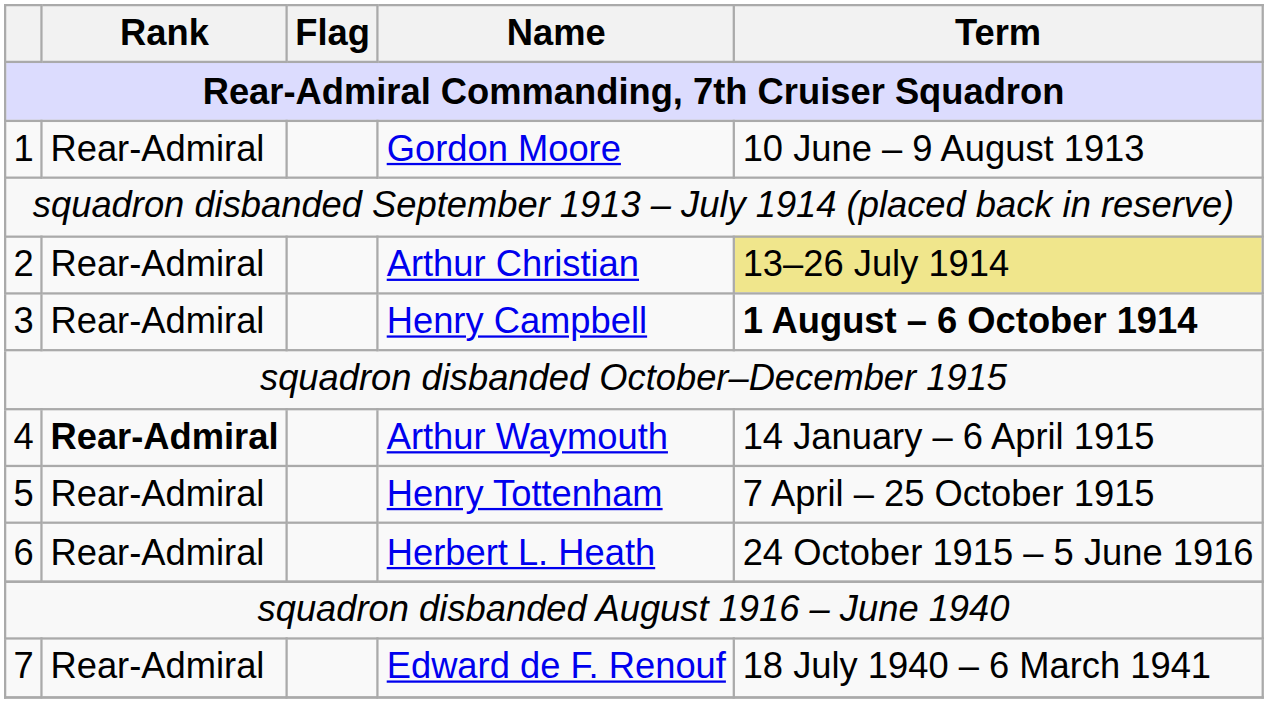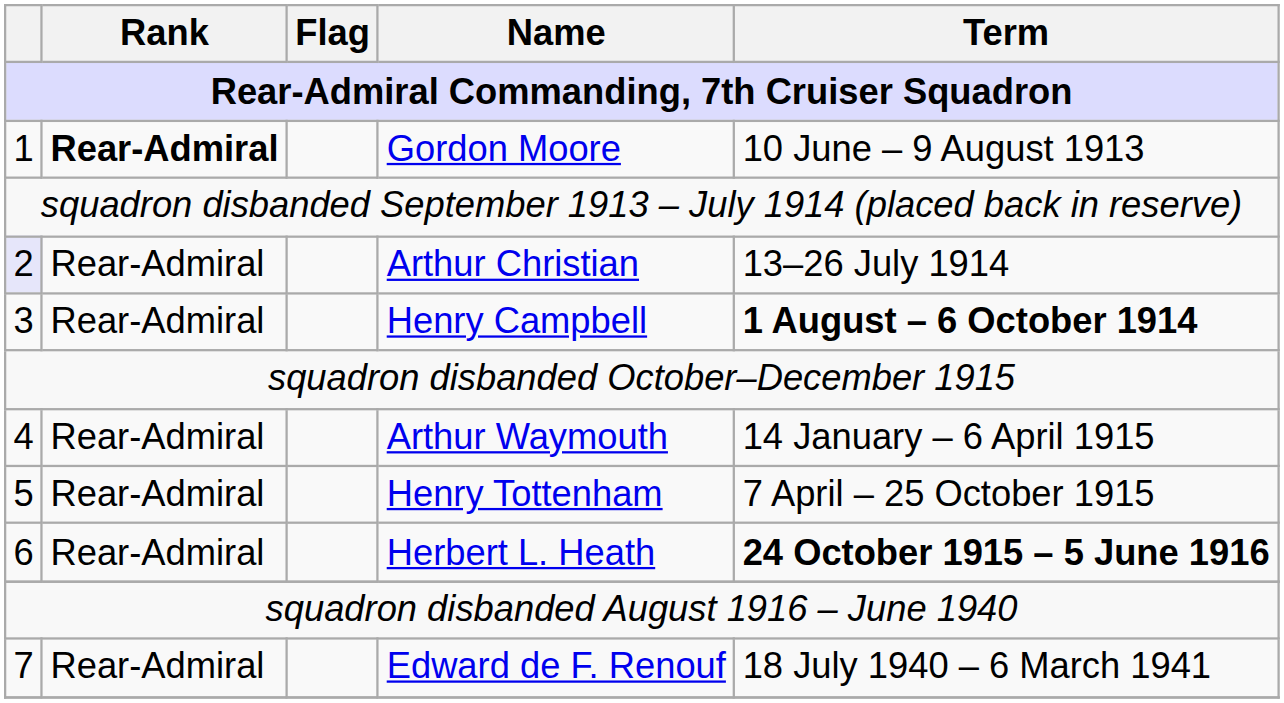 <table class="wikitable">
 <tr>
 <th></th>
 <th>Rank</th>
 <th>Flag</th>
 <th>Name</th>
 <th>Term</th>
 </tr>
 <tr>
 <td colspan="5" align="center" style="background:#dcdcfe;"><strong>Rear-Admiral Commanding, 7th Cruiser Squadron</strong></td>
 </tr>
 <tr>
 <td>1</td>
-<td>Rear-Admiral</td>
+<td><strong>Rear-Admiral</strong></td>
 <td></td>
 <td><a href='#'>Gordon Moore</a></td>
 <td>10 June – 9 August 1913</td>
 </tr>
 <tr style=background-color:#F8F8F8>
 <td colspan=6 align=center><em>squadron disbanded September 1913 – July 1914 (placed back in reserve)</em></td>
 </tr>
 <tr>
-<td>2</td>
+<td style="background: lavender;">2</td>
 <td>Rear-Admiral</td>
 <td></td>
 <td><a href='#'>Arthur Christian</a></td>
-<td style="background: khaki;">13–26 July 1914</td>
+<td>13–26 July 1914</td>
 </tr>
 <tr>
 <td>3</td>
 <td>Rear-Admiral</td>
 <td></td>
 <td><a href='#'>Henry Campbell</a></td>
 <td><strong>1 August – 6 October 1914</strong></td>
 </tr>
 <tr style=background-color:#F8F8F8>
 <td colspan=6 align=center><em>squadron disbanded October–December 1915</em></td>
 </tr>
 <tr>
 <td>4</td>
-<td><strong>Rear-Admiral</strong></td>
+<td>Rear-Admiral</td>
 <td></td>
 <td><a href='#'>Arthur Waymouth</a></td>
 <td>14 January – 6 April 1915</td>
 </tr>
 <tr>
 <td>5</td>
 <td>Rear-Admiral</td>
 <td></td>
 <td><a href='#'>Henry Tottenham</a></td>
 <td>7 April – 25 October 1915</td>
 </tr>
 <tr>
 <td>6</td>
 <td>Rear-Admiral</td>
 <td></td>
 <td><a href='#'>Herbert L. Heath</a></td>
-<td>24 October 1915 – 5 June 1916</td>
+<td><strong>24 October 1915 – 5 June 1916</strong></td>
 </tr>
 <tr>
 </tr>
 <tr style=background-color:#F8F8F8>
 <td colspan=6 align=center><em>squadron disbanded August 1916 – June 1940</em></td>
 </tr>
 <tr>
 <td>7</td>
 <td>Rear-Admiral</td>
 <td></td>
 <td><a href='#'>Edward de F. Renouf</a></td>
 <td>18 July 1940 – 6 March 1941</td>
 </tr>
 <tr>
 </tr>
 </table>
